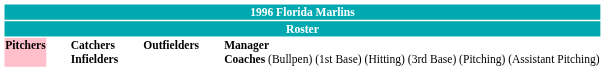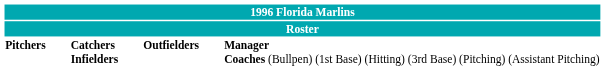 <table class="toccolours" style="font-size: 95%;">
 <tr>
 <th colspan="10" style="background-color: #00a8b0; color: white; text-align: center;">1996 Florida Marlins</th>
 </tr>
 <tr>
 <td colspan="10" style="background-color: #00a8b0; color: white; text-align: center;"><strong>Roster</strong></td>
 </tr>
 <tr>
-<td valign="top" style="background: pink;"><strong>Pitchers</strong><br>                      </td>
+<td valign="top"><strong>Pitchers</strong><br>                      </td>
 <td width="25px"></td>
 <td valign="top"><strong>Catchers</strong><br>    <strong>Infielders</strong>           </td>
 <td width="25px"></td>
 <td valign="top"><strong>Outfielders</strong><br>       </td>
 <td width="25px"></td>
 <td valign="top"><strong>Manager</strong><br>  <strong>Coaches</strong>  (Bullpen)  (1st Base)  (Hitting)  (3rd Base)  (Pitching)  (Assistant Pitching)</td>
 </tr>
 <tr>
 </tr>
 </table>
